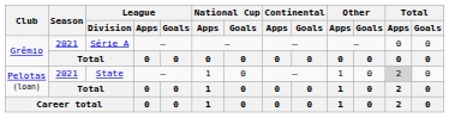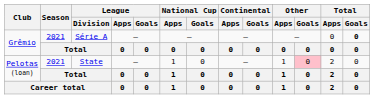 <table class="wikitable" style="text-align: center; font-size:96%">
 <tr>
 <th rowspan="2">Club</th>
 <th rowspan="2">Season</th>
 <th colspan="3">League</th>
 <th colspan="2">National Cup</th>
 <th colspan="2">Continental</th>
 <th colspan="2">Other</th>
 <th colspan="2">Total</th>
 </tr>
 <tr>
 <th>Division</th>
 <th>Apps</th>
 <th>Goals</th>
 <th>Apps</th>
 <th>Goals</th>
 <th>Apps</th>
 <th>Goals</th>
 <th>Apps</th>
 <th>Goals</th>
 <th>Apps</th>
 <th>Goals</th>
 </tr>
 <tr>
 <td rowspan=2><a href='#'>Grêmio</a></td>
 <td><a href='#'>2021</a></td>
 <td><a href='#'>Série A</a></td>
 <td colspan="2">—</td>
 <td colspan="2">—</td>
 <td colspan="2">—</td>
 <td colspan="2">—</td>
 <td>0</td>
-<td>0</td>
+<td><strong>0</strong></td>
 </tr>
 <tr>
 <th colspan=2>Total</th>
 <th>0</th>
 <th>0</th>
 <th>0</th>
 <th>0</th>
 <th>0</th>
 <th>0</th>
 <th>0</th>
 <th>0</th>
 <th>0</th>
 <th>0</th>
 </tr>
 <tr>
 <td rowspan=2><a href='#'>Pelotas</a><br><small>(loan)</small></td>
 <td><a href='#'>2021</a></td>
 <td><a href='#'>State</a></td>
 <td colspan="2">—</td>
 <td>1</td>
 <td>0</td>
 <td colspan="2">—</td>
 <td>1</td>
-<td>0</td>
-<td style="background: lightgrey;">2</td>
+<td style="background: pink;">0</td>
+<td>2</td>
 <td>0</td>
 </tr>
 <tr>
 <th colspan=2>Total</th>
 <th>0</th>
 <th>0</th>
 <th>1</th>
 <th>0</th>
 <th>0</th>
 <th>0</th>
 <th>1</th>
 <th>0</th>
 <th>2</th>
 <th>0</th>
 </tr>
 <tr>
 <th colspan="3"><strong>Career total</strong></th>
 <th>0</th>
 <th>0</th>
 <th>1</th>
 <th>0</th>
 <th>0</th>
 <th>0</th>
 <th>1</th>
 <th>0</th>
 <th>2</th>
 <th>0</th>
 </tr>
 </table>
